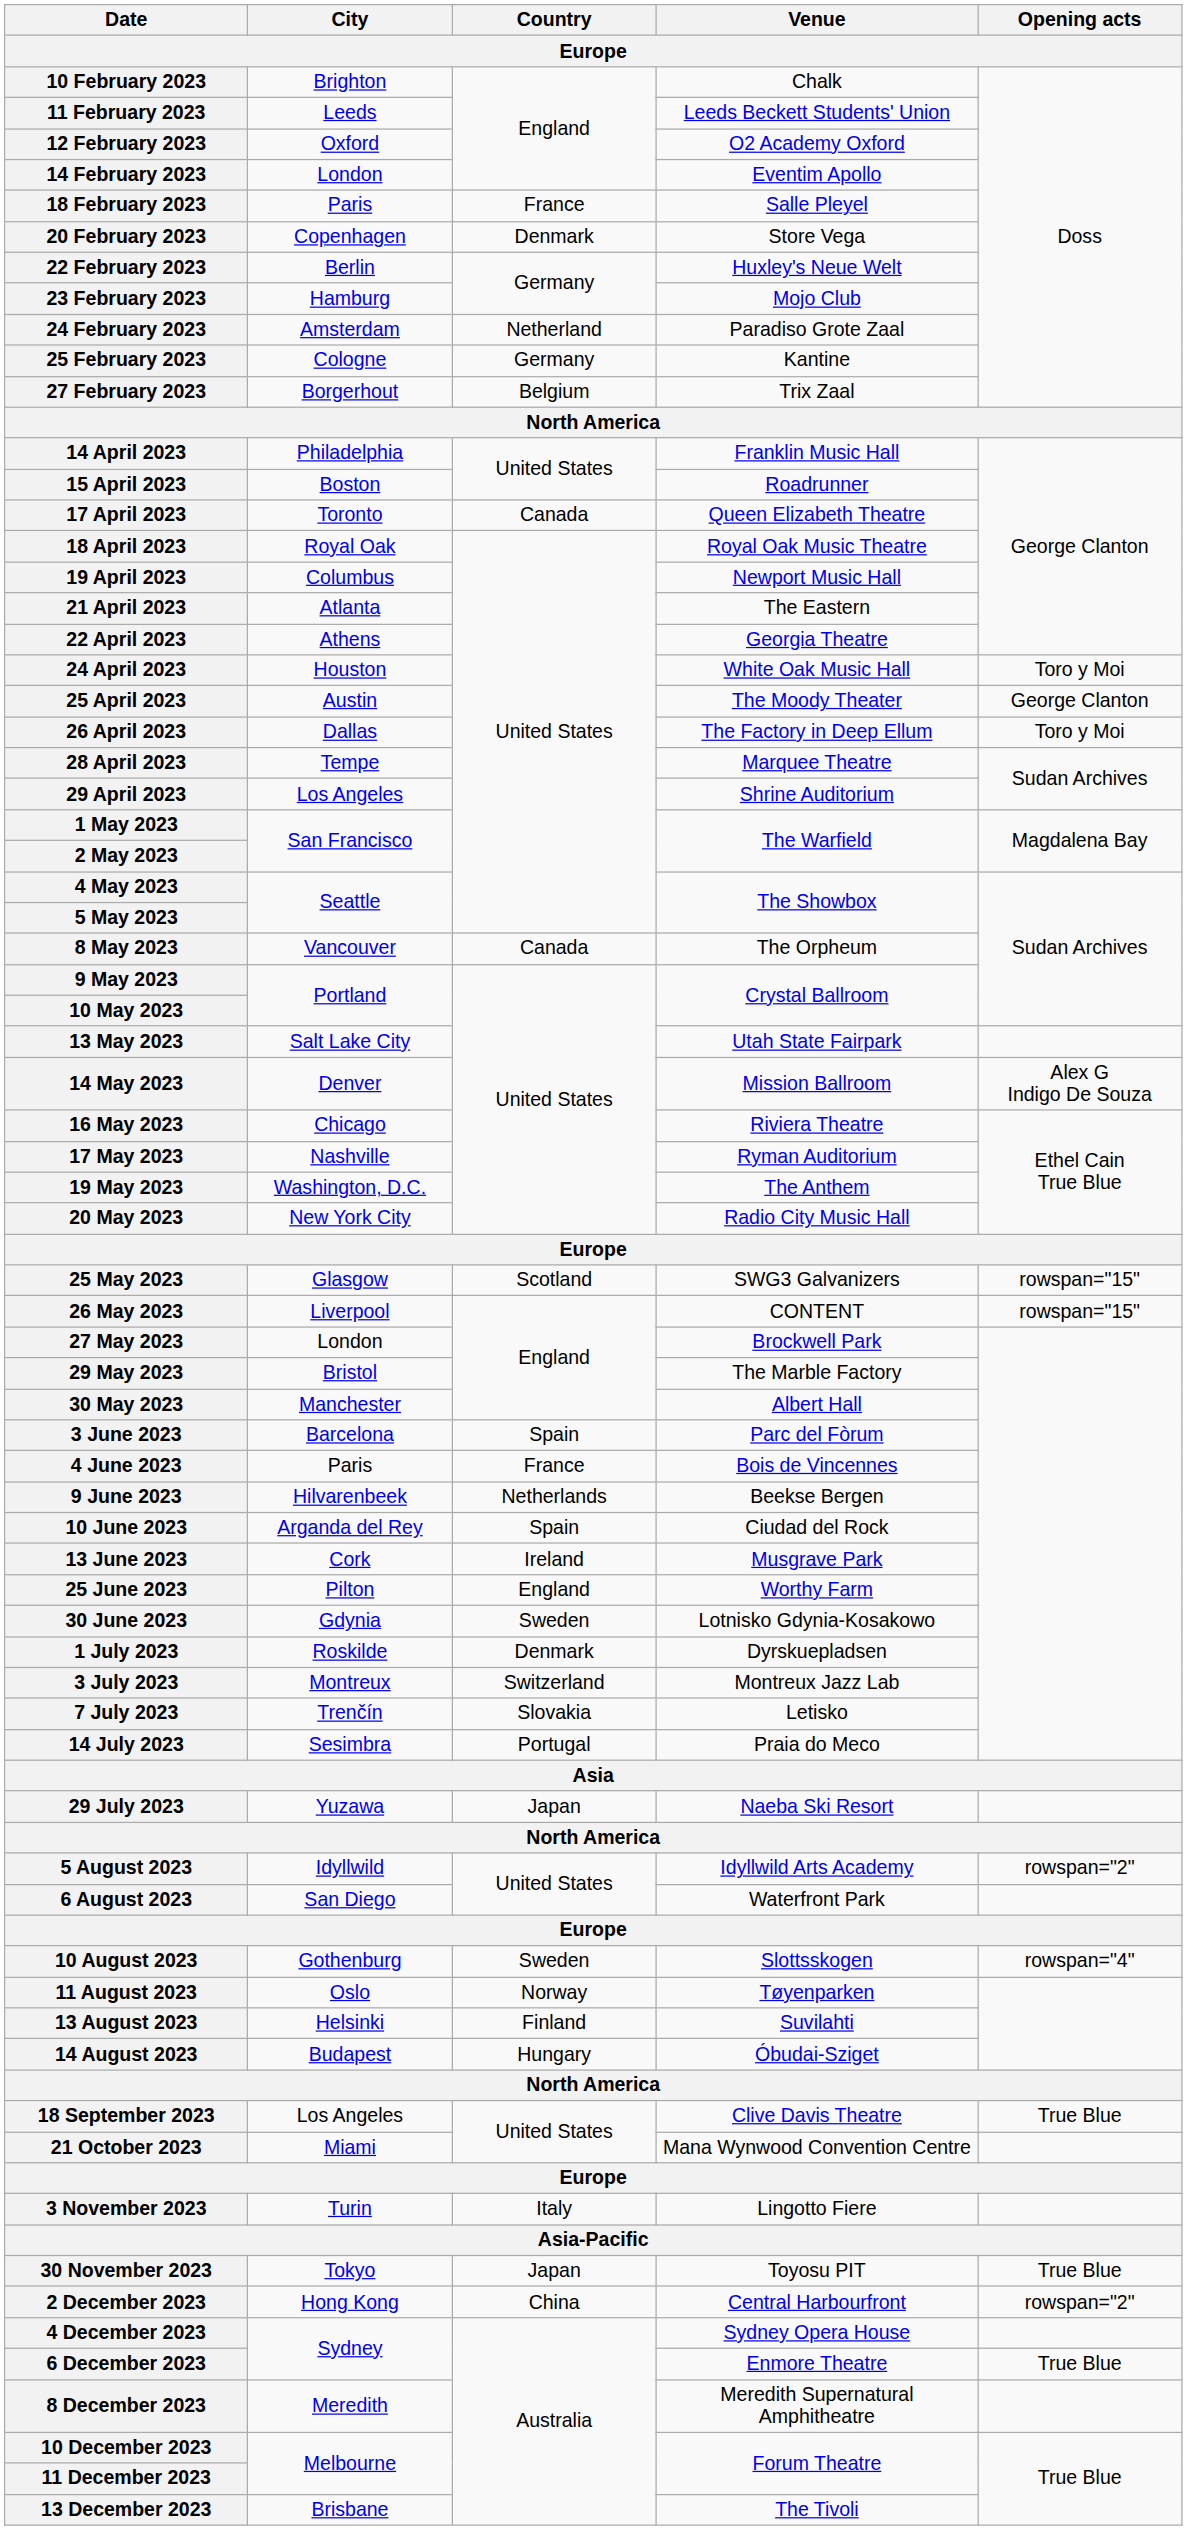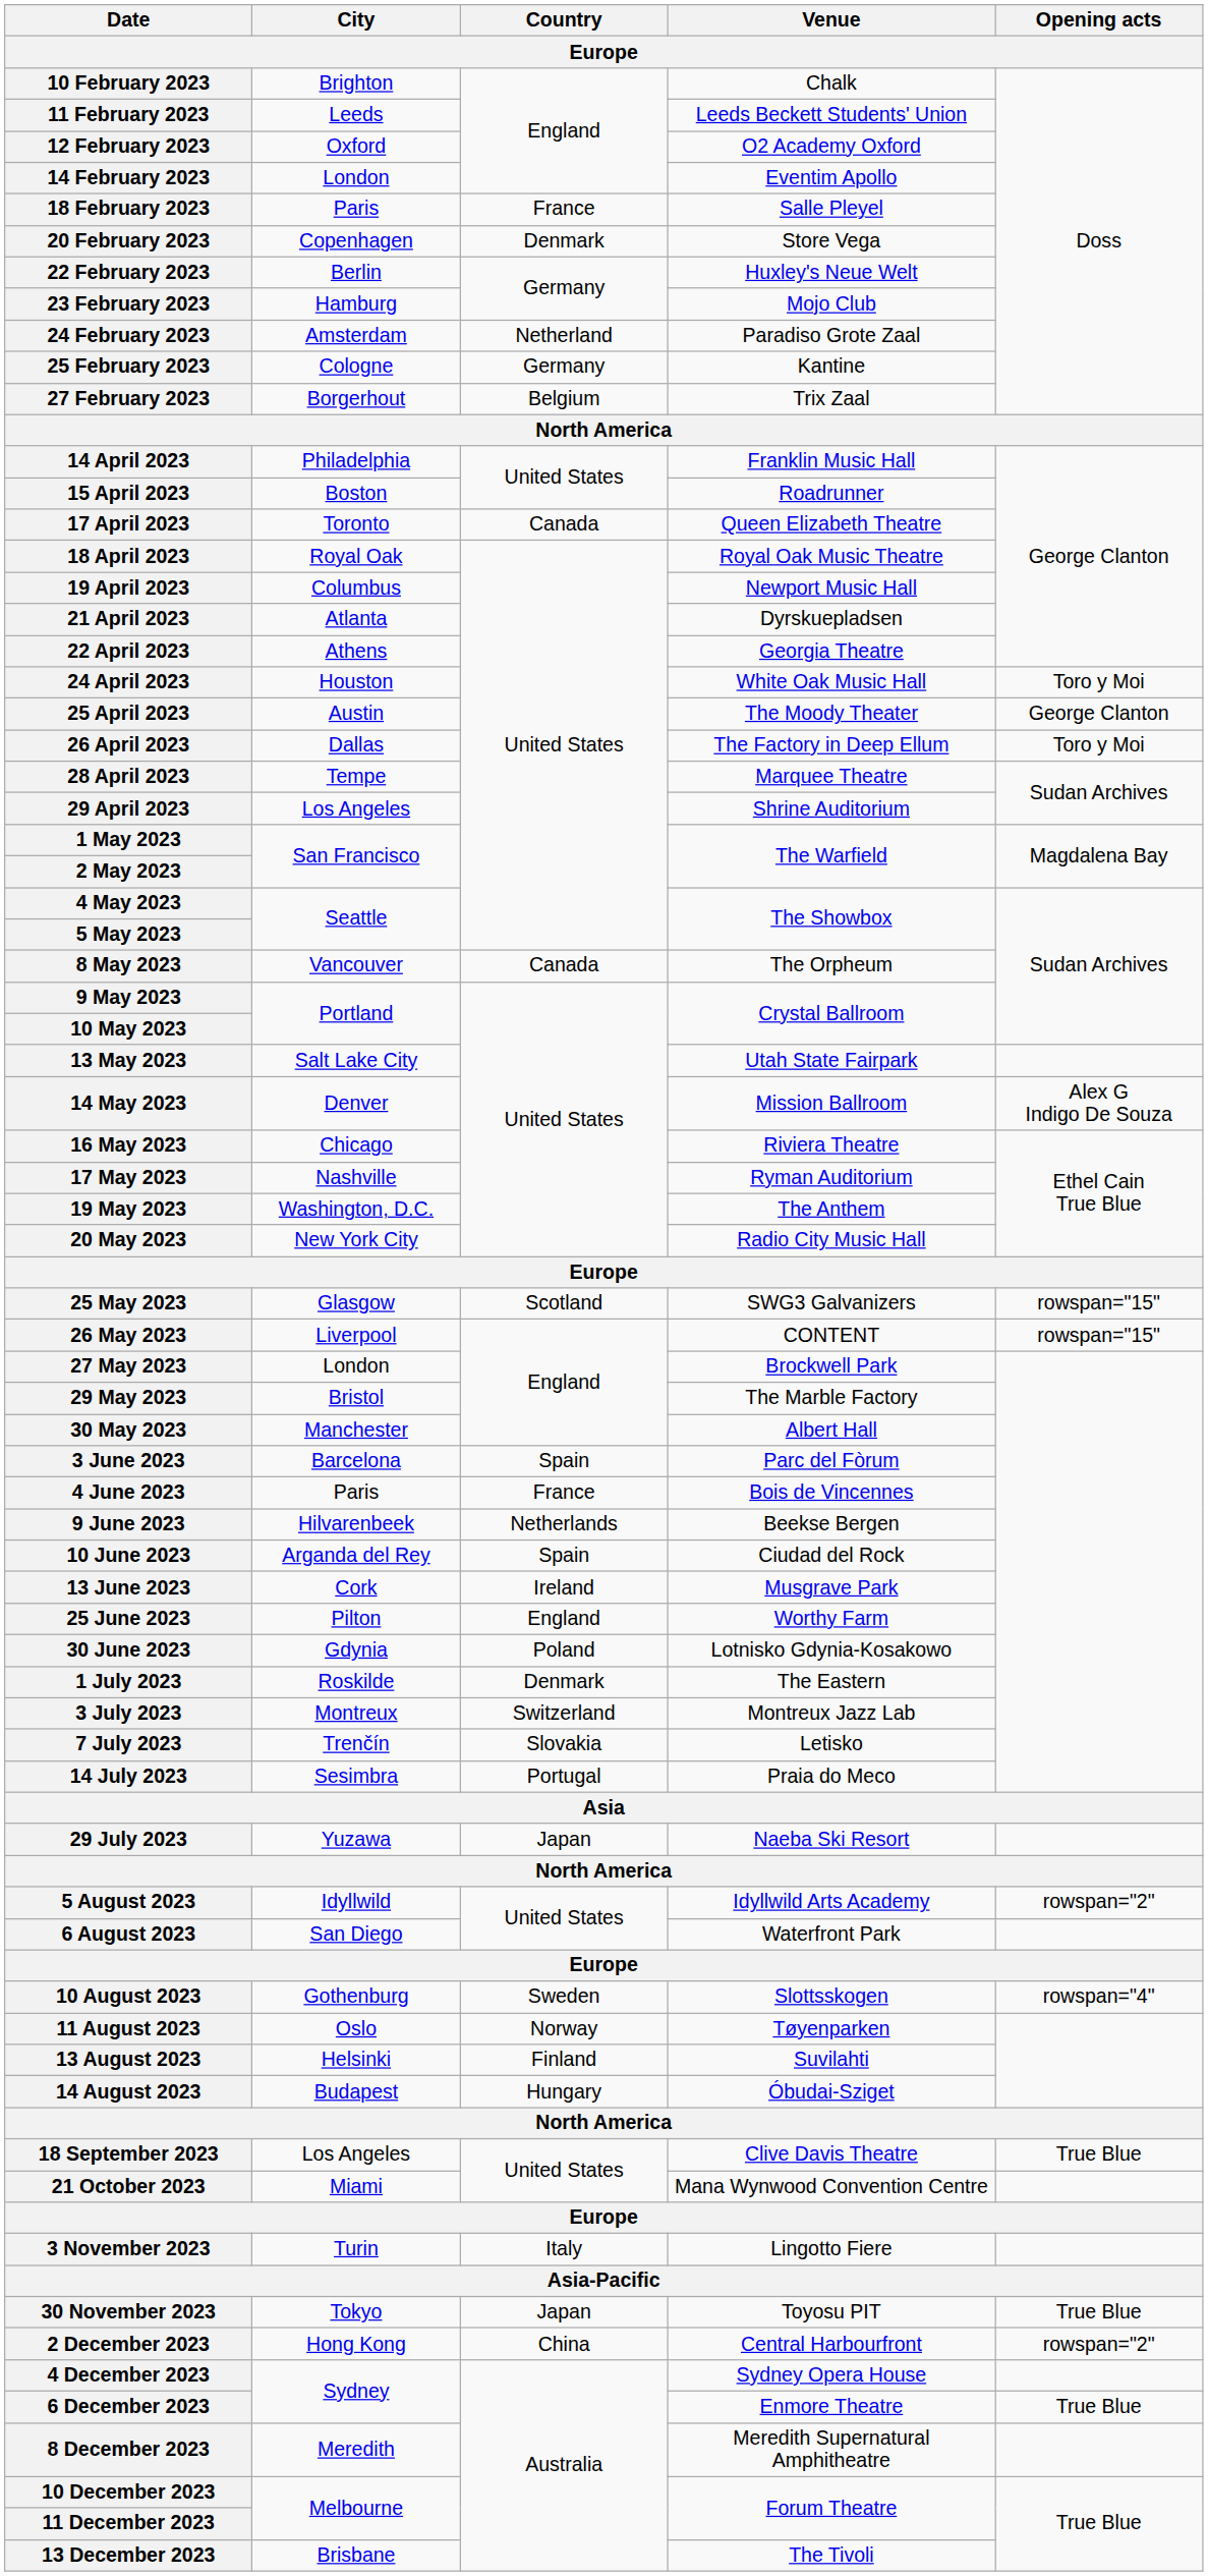 <table class="wikitable plainrowheaders" style="text-align:center;">
 <tr>
 <th scope="col" style="width:12em;">Date</th>
 <th scope="col" style="width:10em;">City</th>
 <th scope="col" style="width:10em;">Country</th>
 <th scope="col" style="width:16em;">Venue</th>
 <th scope="col" style="width:10em;">Opening acts</th>
 </tr>
 <tr>
 <th colspan="5">Europe</th>
 </tr>
 <tr>
 <th scope="row" style="text-align:center;">10 February 2023</th>
 <td><a href='#'>Brighton</a></td>
 <td rowspan="4">England</td>
 <td>Chalk</td>
 <td rowspan="11">Doss</td>
 </tr>
 <tr>
 <th scope="row" style="text-align:center;">11 February 2023</th>
 <td><a href='#'>Leeds</a></td>
 <td><a href='#'>Leeds Beckett Students' Union</a></td>
 </tr>
 <tr>
 <th scope="row" style="text-align:center;">12 February 2023</th>
 <td><a href='#'>Oxford</a></td>
 <td><a href='#'>O2 Academy Oxford</a></td>
 </tr>
 <tr>
 <th scope="row" style="text-align:center;">14 February 2023</th>
 <td><a href='#'>London</a></td>
 <td><a href='#'>Eventim Apollo</a></td>
 </tr>
 <tr>
 <th scope="row" style="text-align:center;">18 February 2023</th>
 <td><a href='#'>Paris</a></td>
 <td>France</td>
 <td><a href='#'>Salle Pleyel</a></td>
 </tr>
 <tr>
 <th scope="row" style="text-align:center;">20 February 2023</th>
 <td><a href='#'>Copenhagen</a></td>
 <td>Denmark</td>
 <td>Store Vega</td>
 </tr>
 <tr>
 <th scope="row" style="text-align:center;">22 February 2023</th>
 <td><a href='#'>Berlin</a></td>
 <td rowspan="2">Germany</td>
 <td><a href='#'>Huxley's Neue Welt</a></td>
 </tr>
 <tr>
 <th scope="row" style="text-align:center;">23 February 2023</th>
 <td><a href='#'>Hamburg</a></td>
 <td><a href='#'>Mojo Club</a></td>
 </tr>
 <tr>
 <th scope="row" style="text-align:center;">24 February 2023</th>
 <td><a href='#'>Amsterdam</a></td>
 <td>Netherland</td>
 <td>Paradiso Grote Zaal</td>
 </tr>
 <tr>
 <th scope="row" style="text-align:center;">25 February 2023</th>
 <td><a href='#'>Cologne</a></td>
 <td>Germany</td>
 <td>Kantine</td>
 </tr>
 <tr>
 <th scope="row" style="text-align:center;">27 February 2023</th>
 <td><a href='#'>Borgerhout</a></td>
 <td>Belgium</td>
 <td>Trix Zaal</td>
 </tr>
 <tr>
 <th colspan="5">North America</th>
 </tr>
 <tr>
 <th scope="row" style="text-align:center;">14 April 2023</th>
 <td><a href='#'>Philadelphia</a></td>
 <td rowspan="2">United States</td>
 <td><a href='#'>Franklin Music Hall</a></td>
 <td rowspan="7">George Clanton</td>
 </tr>
 <tr>
 <th scope="row" style="text-align:center;">15 April 2023</th>
 <td><a href='#'>Boston</a></td>
 <td><a href='#'>Roadrunner</a></td>
 </tr>
 <tr>
 <th scope="row" style="text-align:center;">17 April 2023</th>
 <td><a href='#'>Toronto</a></td>
 <td>Canada</td>
 <td><a href='#'>Queen Elizabeth Theatre</a></td>
 </tr>
 <tr>
 <th scope="row" style="text-align:center;">18 April 2023</th>
 <td><a href='#'>Royal Oak</a></td>
 <td rowspan="13">United States</td>
 <td><a href='#'>Royal Oak Music Theatre</a></td>
 </tr>
 <tr>
 <th scope="row" style="text-align:center;">19 April 2023</th>
 <td><a href='#'>Columbus</a></td>
 <td><a href='#'>Newport Music Hall</a></td>
 </tr>
 <tr>
 <th scope="row" style="text-align:center;">21 April 2023</th>
 <td><a href='#'>Atlanta</a></td>
-<td>The Eastern</td>
+<td>Dyrskuepladsen</td>
 </tr>
 <tr>
 <th scope="row" style="text-align:center;">22 April 2023</th>
 <td><a href='#'>Athens</a></td>
 <td><a href='#'>Georgia Theatre</a></td>
 </tr>
 <tr>
 <th scope="row" style="text-align:center;">24 April 2023</th>
 <td><a href='#'>Houston</a></td>
 <td><a href='#'>White Oak Music Hall</a></td>
 <td>Toro y Moi</td>
 </tr>
 <tr>
 <th scope="row" style="text-align:center;">25 April 2023</th>
 <td><a href='#'>Austin</a></td>
 <td><a href='#'>The Moody Theater</a></td>
 <td>George Clanton</td>
 </tr>
 <tr>
 <th scope="row" style="text-align:center;">26 April 2023</th>
 <td><a href='#'>Dallas</a></td>
 <td><a href='#'>The Factory in Deep Ellum</a></td>
 <td>Toro y Moi</td>
 </tr>
 <tr>
 <th scope="row" style="text-align:center;">28 April 2023</th>
 <td><a href='#'>Tempe</a></td>
 <td><a href='#'>Marquee Theatre</a></td>
 <td rowspan="2">Sudan Archives</td>
 </tr>
 <tr>
 <th scope="row" style="text-align:center;">29 April 2023</th>
 <td><a href='#'>Los Angeles</a></td>
 <td><a href='#'>Shrine Auditorium</a></td>
 </tr>
 <tr>
 <th scope="row" style="text-align:center;">1 May 2023</th>
 <td rowspan="2"><a href='#'>San Francisco</a></td>
 <td rowspan="2"><a href='#'>The Warfield</a></td>
 <td rowspan="2">Magdalena Bay</td>
 </tr>
 <tr>
 <th scope="row" style="text-align:center;">2 May 2023</th>
 </tr>
 <tr>
 <th scope="row" style="text-align:center;">4 May 2023</th>
 <td rowspan="2"><a href='#'>Seattle</a></td>
 <td rowspan="2"><a href='#'>The Showbox</a></td>
 <td rowspan="5">Sudan Archives</td>
 </tr>
 <tr>
 <th scope="row" style="text-align:center;">5 May 2023</th>
 </tr>
 <tr>
 <th scope="row" style="text-align:center;">8 May 2023</th>
 <td><a href='#'>Vancouver</a></td>
 <td>Canada</td>
 <td>The Orpheum</td>
 </tr>
 <tr>
 <th scope="row" style="text-align:center;">9 May 2023</th>
 <td rowspan="2"><a href='#'>Portland</a></td>
 <td rowspan="8">United States</td>
 <td rowspan="2"><a href='#'>Crystal Ballroom</a></td>
 </tr>
 <tr>
 <th scope="row" style="text-align:center;">10 May 2023</th>
 </tr>
 <tr>
 <th scope="row" style="text-align:center;">13 May 2023</th>
 <td><a href='#'>Salt Lake City</a></td>
 <td><a href='#'>Utah State Fairpark</a></td>
 <td></td>
 </tr>
 <tr>
 <th scope="row" style="text-align:center;">14 May 2023</th>
 <td><a href='#'>Denver</a></td>
 <td><a href='#'>Mission Ballroom</a></td>
 <td>Alex G<br>Indigo De Souza</td>
 </tr>
 <tr>
 <th scope="row" style="text-align:center;">16 May 2023</th>
 <td><a href='#'>Chicago</a></td>
 <td><a href='#'>Riviera Theatre</a></td>
 <td rowspan="4">Ethel Cain<br>True Blue</td>
 </tr>
 <tr>
 <th scope="row" style="text-align:center;">17 May 2023</th>
 <td><a href='#'>Nashville</a></td>
 <td><a href='#'>Ryman Auditorium</a></td>
 </tr>
 <tr>
 <th scope="row" style="text-align:center;">19 May 2023</th>
 <td><a href='#'>Washington, D.C.</a></td>
 <td><a href='#'>The Anthem</a></td>
 </tr>
 <tr>
 <th scope="row" style="text-align:center;">20 May 2023</th>
 <td><a href='#'>New York City</a></td>
 <td><a href='#'>Radio City Music Hall</a></td>
 </tr>
 <tr>
 <th colspan="5">Europe</th>
 </tr>
 <tr>
 <th scope="row" style="text-align:center;">25 May 2023</th>
 <td><a href='#'>Glasgow</a></td>
 <td>Scotland</td>
 <td>SWG3 Galvanizers</td>
 <td>rowspan="15" </td>
 </tr>
 <tr>
 <th scope="row" style="text-align:center;">26 May 2023</th>
 <td><a href='#'>Liverpool</a></td>
 <td rowspan="4">England</td>
 <td>CONTENT</td>
 <td>rowspan="15" </td>
 </tr>
 <tr>
 <th scope="row" style="text-align:center;">27 May 2023</th>
 <td>London</td>
 <td><a href='#'>Brockwell Park</a></td>
 </tr>
 <tr>
 <th scope="row" style="text-align:center;">29 May 2023</th>
 <td><a href='#'>Bristol</a></td>
 <td>The Marble Factory</td>
 </tr>
 <tr>
 <th scope="row" style="text-align:center;">30 May 2023</th>
 <td><a href='#'>Manchester</a></td>
 <td><a href='#'>Albert Hall</a></td>
 </tr>
 <tr>
 <th scope="row" style="text-align:center;">3 June 2023</th>
 <td><a href='#'>Barcelona</a></td>
 <td>Spain</td>
 <td><a href='#'>Parc del Fòrum</a></td>
 </tr>
 <tr>
 <th scope="row" style="text-align:center;">4 June 2023</th>
 <td>Paris</td>
 <td>France</td>
 <td><a href='#'>Bois de Vincennes</a></td>
 </tr>
 <tr>
 <th scope="row" style="text-align:center;">9 June 2023</th>
 <td><a href='#'>Hilvarenbeek</a></td>
 <td>Netherlands</td>
 <td>Beekse Bergen</td>
 </tr>
 <tr>
 <th scope="row" style="text-align:center;">10 June 2023</th>
 <td><a href='#'>Arganda del Rey</a></td>
 <td>Spain</td>
 <td>Ciudad del Rock</td>
 </tr>
 <tr>
 <th scope="row" style="text-align:center;">13 June 2023</th>
 <td><a href='#'>Cork</a></td>
 <td>Ireland</td>
 <td><a href='#'>Musgrave Park</a></td>
 </tr>
 <tr>
 <th scope="row" style="text-align:center;">25 June 2023</th>
 <td><a href='#'>Pilton</a></td>
 <td>England</td>
 <td><a href='#'>Worthy Farm</a></td>
 </tr>
 <tr>
 <th scope="row" style="text-align:center;">30 June 2023</th>
 <td><a href='#'>Gdynia</a></td>
-<td>Sweden</td>
+<td>Poland</td>
 <td>Lotnisko Gdynia-Kosakowo</td>
 </tr>
 <tr>
 <th scope="row" style="text-align:center;">1 July 2023</th>
 <td><a href='#'>Roskilde</a></td>
 <td>Denmark</td>
-<td>Dyrskuepladsen</td>
+<td>The Eastern</td>
 </tr>
 <tr>
 <th scope="row" style="text-align:center;">3 July 2023</th>
 <td><a href='#'>Montreux</a></td>
 <td>Switzerland</td>
 <td>Montreux Jazz Lab</td>
 </tr>
 <tr>
 <th scope="row" style="text-align:center;">7 July 2023</th>
 <td><a href='#'>Trenčín</a></td>
 <td>Slovakia</td>
 <td>Letisko</td>
 </tr>
 <tr>
 <th scope="row" style="text-align:center;">14 July 2023</th>
 <td><a href='#'>Sesimbra</a></td>
 <td>Portugal</td>
 <td>Praia do Meco</td>
 </tr>
 <tr>
 <th colspan="5">Asia</th>
 </tr>
 <tr>
 <th scope="row" style="text-align:center;">29 July 2023</th>
 <td><a href='#'>Yuzawa</a></td>
 <td>Japan</td>
 <td><a href='#'>Naeba Ski Resort</a></td>
 <td></td>
 </tr>
 <tr>
 <th colspan="5">North America</th>
 </tr>
 <tr>
 <th scope="row" style="text-align:center;">5 August 2023</th>
 <td><a href='#'>Idyllwild</a></td>
 <td rowspan="2">United States</td>
 <td><a href='#'>Idyllwild Arts Academy</a></td>
 <td>rowspan="2" </td>
 </tr>
 <tr>
 <th scope="row" style="text-align:center;">6 August 2023</th>
 <td><a href='#'>San Diego</a></td>
 <td>Waterfront Park</td>
 </tr>
 <tr>
 <th colspan="5">Europe</th>
 </tr>
 <tr>
 <th scope="row" style="text-align:center;">10 August 2023</th>
 <td><a href='#'>Gothenburg</a></td>
 <td>Sweden</td>
 <td><a href='#'>Slottsskogen</a></td>
 <td>rowspan="4" </td>
 </tr>
 <tr>
 <th scope="row" style="text-align:center;">11 August 2023</th>
 <td><a href='#'>Oslo</a></td>
 <td>Norway</td>
 <td><a href='#'>Tøyenparken</a></td>
 </tr>
 <tr>
 <th scope="row" style="text-align:center;">13 August 2023</th>
 <td><a href='#'>Helsinki</a></td>
 <td>Finland</td>
 <td><a href='#'>Suvilahti</a></td>
 </tr>
 <tr>
 <th scope="row" style="text-align:center;">14 August 2023</th>
 <td><a href='#'>Budapest</a></td>
 <td>Hungary</td>
 <td><a href='#'>Óbudai-Sziget</a></td>
 </tr>
 <tr>
 <th colspan="5">North America</th>
 </tr>
 <tr>
 <th scope="row" style="text-align:center;">18 September 2023</th>
 <td>Los Angeles</td>
 <td rowspan="2">United States</td>
 <td><a href='#'>Clive Davis Theatre</a></td>
 <td>True Blue</td>
 </tr>
 <tr>
 <th scope="row" style="text-align:center;">21 October 2023</th>
 <td><a href='#'>Miami</a></td>
 <td>Mana Wynwood Convention Centre</td>
 </tr>
 <tr>
 <th colspan="5">Europe</th>
 </tr>
 <tr>
 <th scope="row" style="text-align:center;">3 November 2023</th>
 <td><a href='#'>Turin</a></td>
 <td>Italy</td>
 <td>Lingotto Fiere</td>
 <td></td>
 </tr>
 <tr>
 <th colspan="5">Asia-Pacific</th>
 </tr>
 <tr>
 <th scope="row" style="text-align:center;">30 November 2023</th>
 <td><a href='#'>Tokyo</a></td>
 <td>Japan</td>
 <td>Toyosu PIT</td>
 <td>True Blue</td>
 </tr>
 <tr>
 <th scope="row" style="text-align:center;">2 December 2023</th>
 <td><a href='#'>Hong Kong</a></td>
 <td>China</td>
 <td><a href='#'>Central Harbourfront</a></td>
 <td>rowspan="2" </td>
 </tr>
 <tr>
 <th scope="row" style="text-align:center;">4 December 2023</th>
 <td rowspan="2"><a href='#'>Sydney</a></td>
 <td rowspan="6">Australia</td>
 <td><a href='#'>Sydney Opera House</a></td>
 </tr>
 <tr>
 <th scope="row" style="text-align:center;">6 December 2023</th>
 <td><a href='#'>Enmore Theatre</a></td>
 <td>True Blue</td>
 </tr>
 <tr>
 <th scope="row" style="text-align:center;">8 December 2023</th>
 <td><a href='#'>Meredith</a></td>
 <td>Meredith Supernatural Amphitheatre</td>
 <td></td>
 </tr>
 <tr>
 <th scope="row" style="text-align:center;">10 December 2023</th>
 <td rowspan="2"><a href='#'>Melbourne</a></td>
 <td rowspan="2"><a href='#'>Forum Theatre</a></td>
 <td rowspan="3">True Blue</td>
 </tr>
 <tr>
 <th scope="row" style="text-align:center;">11 December 2023</th>
 </tr>
 <tr>
 <th scope="row" style="text-align:center;">13 December 2023</th>
 <td><a href='#'>Brisbane</a></td>
 <td><a href='#'>The Tivoli</a></td>
 </tr>
 </table>
